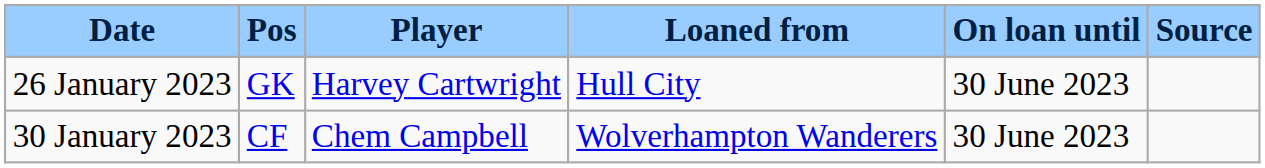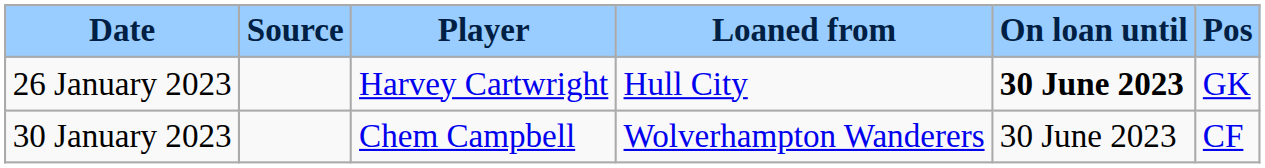 <table class="wikitable plainrowheaders sortable">
 <tr>
 <th style="background:#99ccff; color:#001f44; ">Date</th>
-<th style="background:#99ccff; color:#001f44; ">Pos</th>
+<th style="background:#99ccff; color:#001f44; ">Source</th>
 <th style="background:#99ccff; color:#001f44; ">Player</th>
 <th style="background:#99ccff; color:#001f44; ">Loaned from</th>
 <th style="background:#99ccff; color:#001f44; ">On loan until</th>
-<th style="background:#99ccff; color:#001f44; ">Source</th>
+<th style="background:#99ccff; color:#001f44; ">Pos</th>
 </tr>
 <tr>
 <td>26 January 2023</td>
-<td><a href='#'>GK</a></td>
+<td></td>
 <td> <a href='#'>Harvey Cartwright</a></td>
 <td> <a href='#'>Hull City</a></td>
-<td>30 June 2023</td>
-<td></td>
+<td><strong>30 June 2023</strong></td>
+<td><a href='#'>GK</a></td>
 </tr>
 <tr>
 <td>30 January 2023</td>
-<td><a href='#'>CF</a></td>
+<td></td>
 <td> <a href='#'>Chem Campbell</a></td>
 <td> <a href='#'>Wolverhampton Wanderers</a></td>
 <td>30 June 2023</td>
-<td></td>
+<td><a href='#'>CF</a></td>
 </tr>
 </table>
